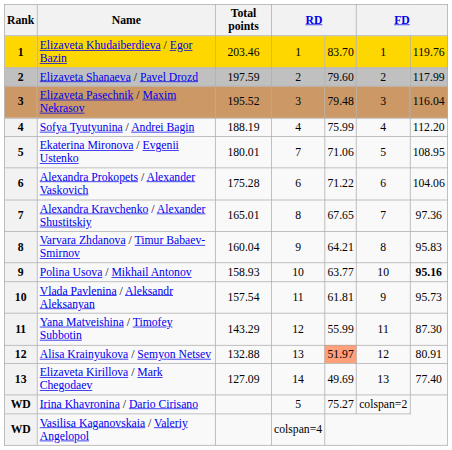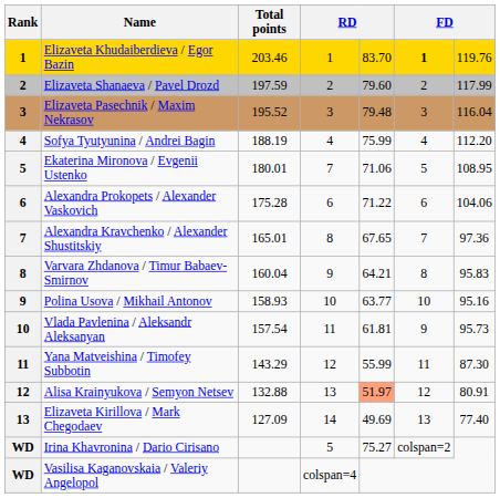 <table class="wikitable sortable">
 <tr>
 <th>Rank</th>
 <th>Name</th>
 <th>Total points</th>
 <th colspan="2" width="80px"><a href='#'>RD</a></th>
 <th colspan="2" width="80px"><a href='#'>FD</a></th>
 </tr>
 <tr bgcolor="gold">
 <td align="center"><strong>1</strong></td>
 <td><a href='#'>Elizaveta Khudaiberdieva</a> / <a href='#'>Egor Bazin</a></td>
 <td align="center">203.46</td>
 <td align="center">1</td>
 <td align="center">83.70</td>
-<td align="center">1</td>
+<td align="center"><strong>1</strong></td>
 <td align="center">119.76</td>
 </tr>
 <tr bgcolor="silver">
 <td align="center"><strong>2</strong></td>
 <td><a href='#'>Elizaveta Shanaeva</a> / <a href='#'>Pavel Drozd</a></td>
 <td align="center">197.59</td>
 <td align="center">2</td>
 <td align="center">79.60</td>
 <td align="center">2</td>
 <td align="center">117.99</td>
 </tr>
 <tr bgcolor="cc9966">
 <td align="center"><strong>3</strong></td>
 <td><a href='#'>Elizaveta Pasechnik</a> / <a href='#'>Maxim Nekrasov</a></td>
 <td align="center">195.52</td>
 <td align="center">3</td>
 <td align="center">79.48</td>
 <td align="center">3</td>
 <td align="center">116.04</td>
 </tr>
 <tr>
 <th>4</th>
 <td><a href='#'>Sofya Tyutyunina</a> / <a href='#'>Andrei Bagin</a></td>
 <td align="center">188.19</td>
 <td align="center">4</td>
 <td align="center">75.99</td>
 <td align="center">4</td>
 <td align="center">112.20</td>
 </tr>
 <tr>
 <th>5</th>
 <td><a href='#'>Ekaterina Mironova</a> / <a href='#'>Evgenii Ustenko</a></td>
 <td align="center">180.01</td>
 <td align="center">7</td>
 <td align="center">71.06</td>
 <td align="center">5</td>
 <td align="center">108.95</td>
 </tr>
 <tr>
 <th>6</th>
 <td><a href='#'>Alexandra Prokopets</a> / <a href='#'>Alexander Vaskovich</a></td>
 <td align="center">175.28</td>
 <td align="center">6</td>
 <td align="center">71.22</td>
 <td align="center">6</td>
 <td align="center">104.06</td>
 </tr>
 <tr>
 <th>7</th>
 <td><a href='#'>Alexandra Kravchenko</a> / <a href='#'>Alexander Shustitskiy</a></td>
 <td align="center">165.01</td>
 <td align="center">8</td>
 <td align="center">67.65</td>
 <td align="center">7</td>
 <td align="center">97.36</td>
 </tr>
 <tr>
 <th>8</th>
 <td><a href='#'>Varvara Zhdanova</a> / <a href='#'>Timur Babaev-Smirnov</a></td>
 <td align="center">160.04</td>
 <td align="center">9</td>
 <td align="center">64.21</td>
 <td align="center">8</td>
 <td align="center">95.83</td>
 </tr>
 <tr>
 <th>9</th>
 <td><a href='#'>Polina Usova</a> / <a href='#'>Mikhail Antonov</a></td>
 <td align="center">158.93</td>
 <td align="center">10</td>
 <td align="center">63.77</td>
 <td align="center">10</td>
-<td align="center"><strong>95.16</strong></td>
+<td align="center">95.16</td>
 </tr>
 <tr>
 <th>10</th>
 <td><a href='#'>Vlada Pavlenina</a> / <a href='#'>Aleksandr Aleksanyan</a></td>
 <td align="center">157.54</td>
 <td align="center">11</td>
 <td align="center">61.81</td>
 <td align="center">9</td>
 <td align="center">95.73</td>
 </tr>
 <tr>
 <th>11</th>
 <td><a href='#'>Yana Matveishina</a> / <a href='#'>Timofey Subbotin</a></td>
 <td align="center">143.29</td>
 <td align="center">12</td>
 <td align="center">55.99</td>
 <td align="center">11</td>
 <td align="center">87.30</td>
 </tr>
 <tr>
 <th>12</th>
 <td><a href='#'>Alisa Krainyukova</a> / <a href='#'>Semyon Netsev</a></td>
 <td align="center">132.88</td>
 <td align="center">13</td>
 <td align="center" style="background: lightsalmon;">51.97</td>
 <td align="center">12</td>
 <td align="center">80.91</td>
 </tr>
 <tr>
 <th>13</th>
 <td><a href='#'>Elizaveta Kirillova</a> / <a href='#'>Mark Chegodaev</a></td>
 <td align="center">127.09</td>
 <td align="center">14</td>
 <td align="center">49.69</td>
 <td align="center">13</td>
 <td align="center">77.40</td>
 </tr>
 <tr>
 <th>WD</th>
 <td><a href='#'>Irina Khavronina</a> / <a href='#'>Dario Cirisano</a></td>
 <td></td>
 <td align="center">5</td>
 <td align="center">75.27</td>
 <td>colspan=2 </td>
 </tr>
 <tr>
 <th>WD</th>
 <td><a href='#'>Vasilisa Kaganovskaia</a> / <a href='#'>Valeriy Angelopol</a></td>
 <td></td>
 <td>colspan=4 </td>
 </tr>
 </table>
